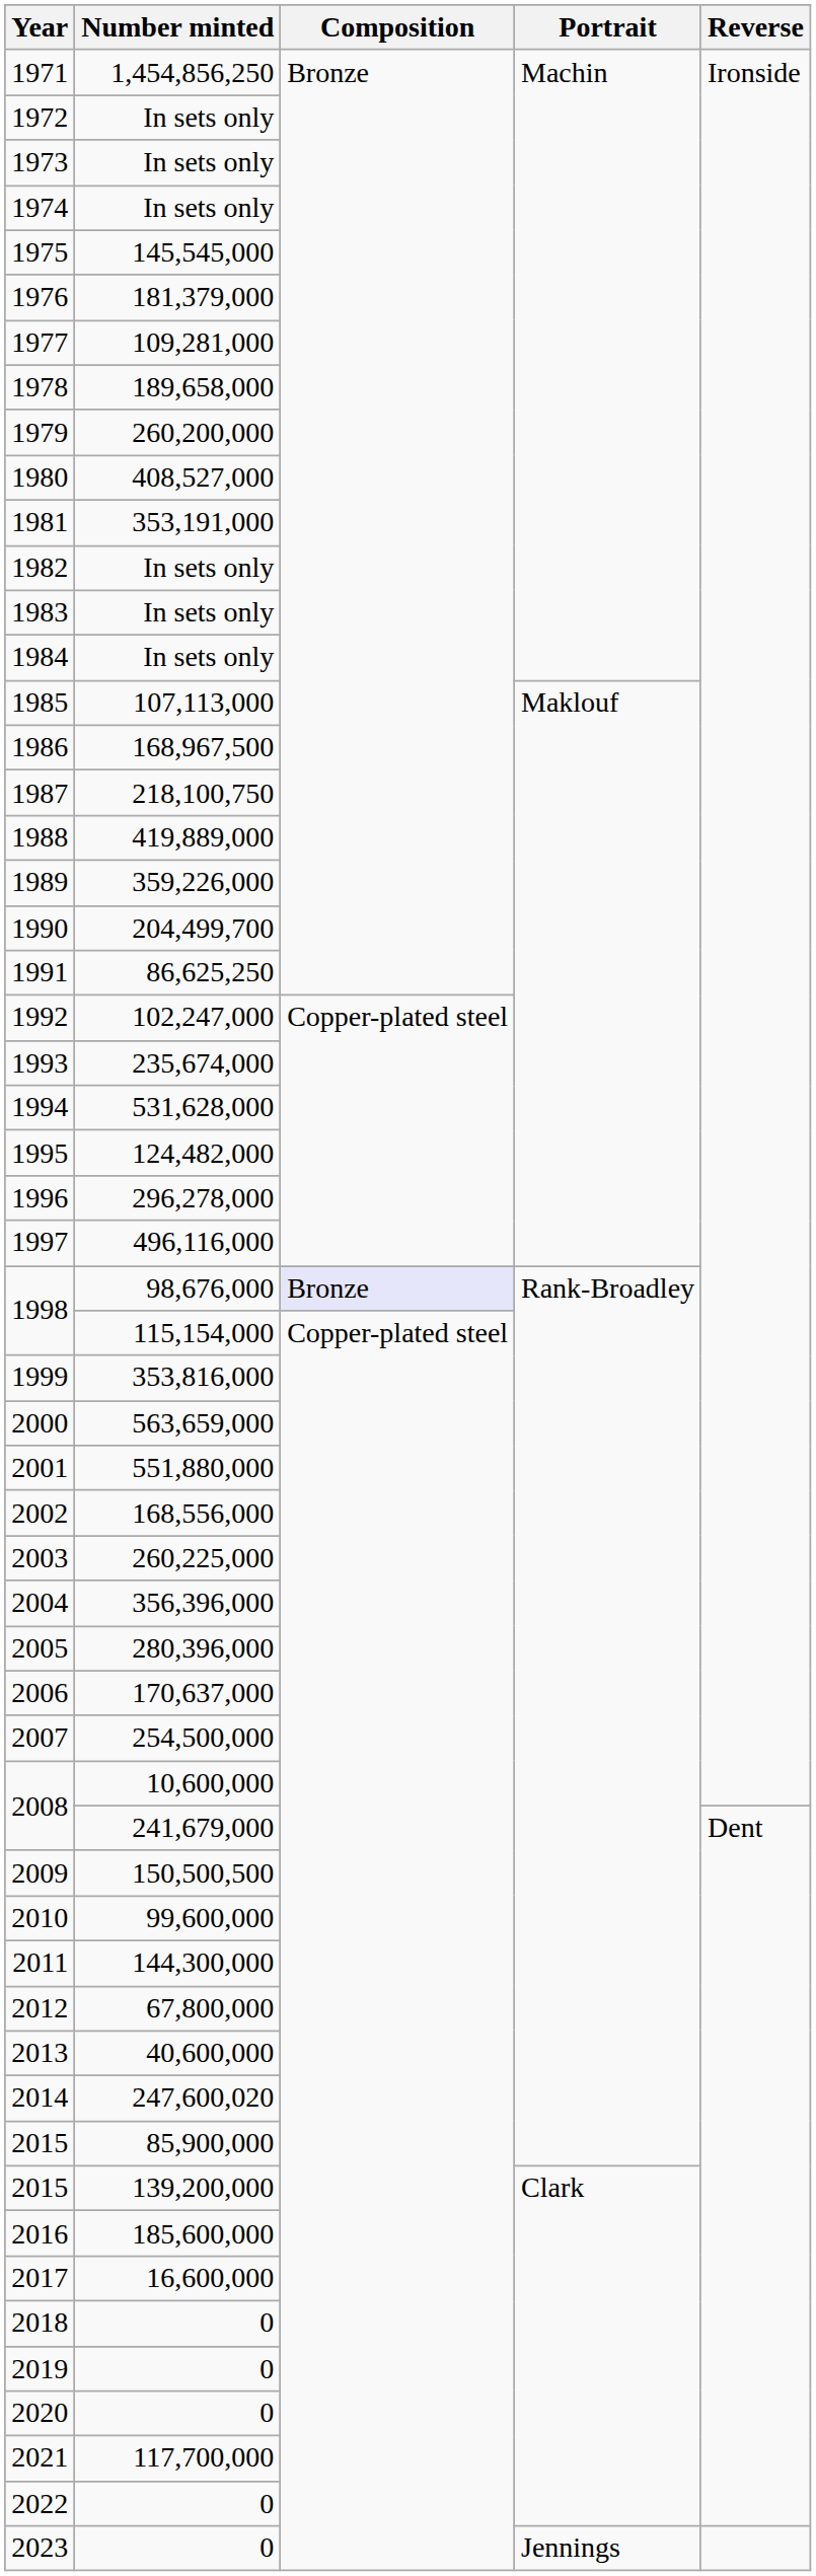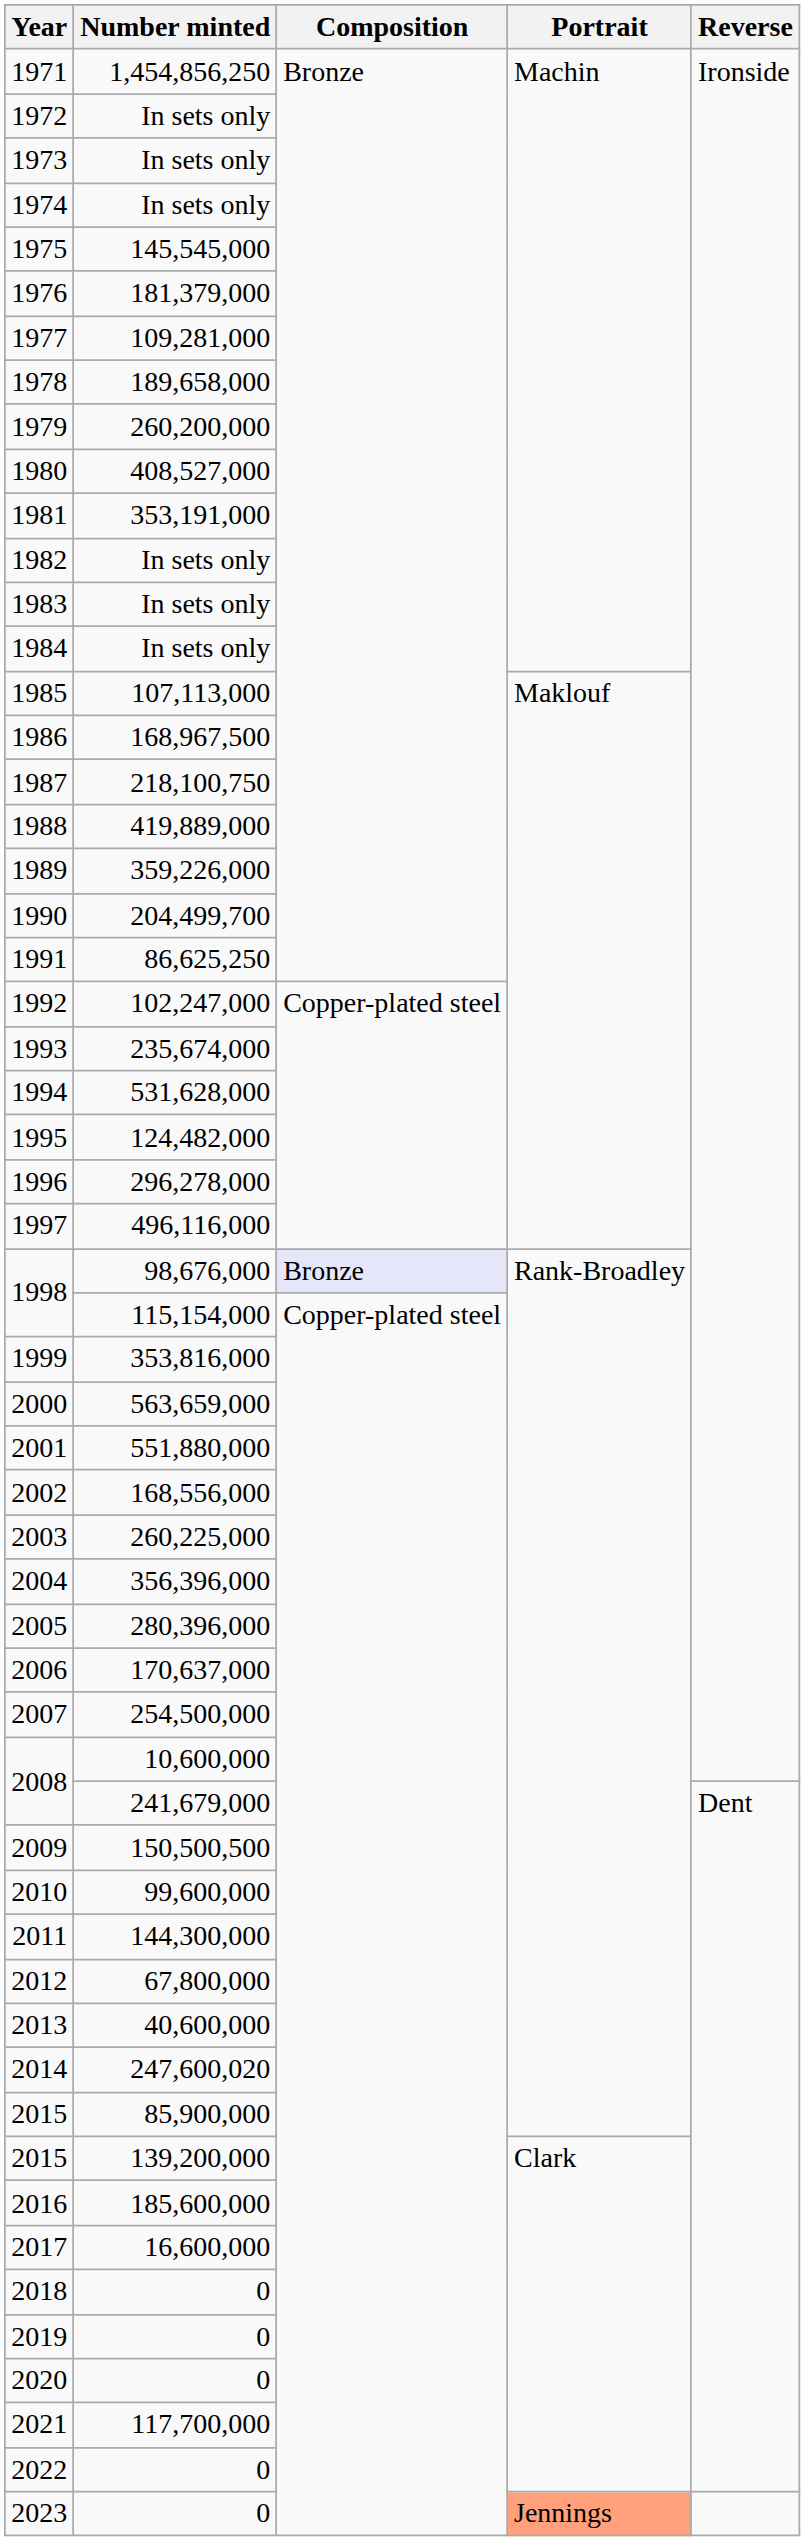 <table class="wikitable sortable" style="text-align: right;">
 <tr>
 <th>Year</th>
 <th>Number minted</th>
 <th>Composition</th>
 <th>Portrait</th>
 <th>Reverse</th>
 </tr>
 <tr>
 <td>1971</td>
 <td>1,454,856,250</td>
 <td rowspan="22" style="text-align:left; vertical-align: top;">Bronze</td>
 <td style="text-align:left; vertical-align: top;" rowspan="14">Machin</td>
 <td rowspan="40" style="text-align:left; vertical-align: top;">Ironside</td>
 </tr>
 <tr>
 <td>1972</td>
 <td data-sort-value="0">In sets only</td>
 </tr>
 <tr>
 <td>1973</td>
 <td data-sort-value="0">In sets only</td>
 </tr>
 <tr>
 <td>1974</td>
 <td data-sort-value="0">In sets only</td>
 </tr>
 <tr>
 <td>1975</td>
 <td>145,545,000</td>
 </tr>
 <tr>
 <td>1976</td>
 <td>181,379,000</td>
 </tr>
 <tr>
 <td>1977</td>
 <td>109,281,000</td>
 </tr>
 <tr>
 <td>1978</td>
 <td>189,658,000</td>
 </tr>
 <tr>
 <td>1979</td>
 <td>260,200,000</td>
 </tr>
 <tr>
 <td>1980</td>
 <td>408,527,000</td>
 </tr>
 <tr>
 <td>1981</td>
 <td>353,191,000</td>
 </tr>
 <tr>
 <td>1982</td>
 <td data-sort-value="0">In sets only</td>
 </tr>
 <tr>
 <td>1983</td>
 <td data-sort-value="0">In sets only</td>
 </tr>
 <tr>
 <td>1984</td>
 <td data-sort-value="0">In sets only</td>
 </tr>
 <tr>
 <td>1985</td>
 <td>107,113,000</td>
 <td rowspan="14" style="text-align:left; vertical-align: top;">Maklouf</td>
 </tr>
 <tr>
 <td>1986</td>
 <td>168,967,500</td>
 </tr>
 <tr>
 <td>1987</td>
 <td>218,100,750</td>
 </tr>
 <tr>
 <td>1988</td>
 <td>419,889,000</td>
 </tr>
 <tr>
 <td>1989</td>
 <td>359,226,000</td>
 </tr>
 <tr>
 <td>1990</td>
 <td>204,499,700</td>
 </tr>
 <tr>
 <td>1991</td>
 <td>86,625,250</td>
 </tr>
 <tr>
 <td rowspan="2">1992</td>
 <td rowspan="2">102,247,000</td>
 </tr>
 <tr>
 <td rowspan="6"  style="text-align:left; vertical-align: top;">Copper-plated steel</td>
 </tr>
 <tr>
 <td>1993</td>
 <td>235,674,000</td>
 </tr>
 <tr>
 <td>1994</td>
 <td>531,628,000</td>
 </tr>
 <tr>
 <td>1995</td>
 <td>124,482,000</td>
 </tr>
 <tr>
 <td>1996</td>
 <td>296,278,000</td>
 </tr>
 <tr>
 <td>1997</td>
 <td>496,116,000</td>
 </tr>
 <tr>
 <td rowspan="2">1998</td>
 <td>98,676,000</td>
 <td style="background: lavender; text-align:left; vertical-align: top;">Bronze</td>
 <td rowspan="20" style="text-align:left; vertical-align: top;">Rank-Broadley</td>
 </tr>
 <tr>
 <td>115,154,000</td>
 <td rowspan="28" style="text-align:left; vertical-align: top;">Copper-plated steel</td>
 </tr>
 <tr>
 <td>1999</td>
 <td>353,816,000</td>
 </tr>
 <tr>
 <td>2000</td>
 <td>563,659,000</td>
 </tr>
 <tr>
 <td>2001</td>
 <td>551,880,000</td>
 </tr>
 <tr>
 <td>2002</td>
 <td>168,556,000</td>
 </tr>
 <tr>
 <td>2003</td>
 <td>260,225,000</td>
 </tr>
 <tr>
 <td>2004</td>
 <td>356,396,000</td>
 </tr>
 <tr>
 <td>2005</td>
 <td>280,396,000</td>
 </tr>
 <tr>
 <td>2006</td>
 <td>170,637,000</td>
 </tr>
 <tr>
 <td>2007</td>
 <td>254,500,000</td>
 </tr>
 <tr>
 <td rowspan="2">2008</td>
 <td>10,600,000</td>
 </tr>
 <tr>
 <td>241,679,000</td>
 <td rowspan="16" style="text-align:left; vertical-align: top;">Dent</td>
 </tr>
 <tr>
 <td>2009</td>
 <td>150,500,500</td>
 </tr>
 <tr>
 <td>2010</td>
 <td>99,600,000</td>
 </tr>
 <tr>
 <td>2011</td>
 <td>144,300,000</td>
 </tr>
 <tr>
 <td>2012</td>
 <td>67,800,000</td>
 </tr>
 <tr>
 <td>2013</td>
 <td>40,600,000</td>
 </tr>
 <tr>
 <td>2014</td>
 <td>247,600,020</td>
 </tr>
 <tr>
 <td>2015</td>
 <td>85,900,000</td>
 </tr>
 <tr>
 <td>2015</td>
 <td>139,200,000</td>
 <td rowspan="8" style="text-align:left; vertical-align: top;">Clark</td>
 </tr>
 <tr>
 <td>2016</td>
 <td>185,600,000</td>
 </tr>
 <tr>
 <td>2017</td>
 <td>16,600,000</td>
 </tr>
 <tr>
 <td>2018</td>
 <td>0</td>
 </tr>
 <tr>
 <td>2019</td>
 <td>0</td>
 </tr>
 <tr>
 <td>2020</td>
 <td>0</td>
 </tr>
 <tr>
 <td>2021</td>
 <td>117,700,000</td>
 </tr>
 <tr>
 <td>2022</td>
 <td>0</td>
 </tr>
 <tr>
 <td>2023</td>
 <td>0</td>
-<td rowspan="1" style="text-align:left; vertical-align: top;">Jennings</td>
+<td rowspan="1" style="background: lightsalmon; text-align:left; vertical-align: top;">Jennings</td>
 <td rowspan="1" style="text-align:left; vertical-align: top;"></td>
 </tr>
 </table>
